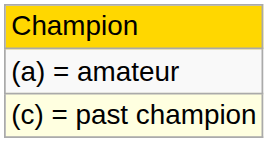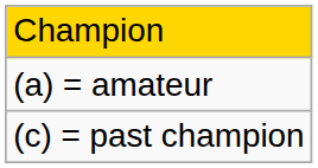 <table class="wikitable">
 <tr style="background:gold">
 <td>Champion</td>
 </tr>
 <tr>
 <td>(a) = amateur</td>
 </tr>
 <tr>
-<td style="background: lightyellow;">(c) = past champion</td>
+<td>(c) = past champion</td>
 </tr>
 </table>
